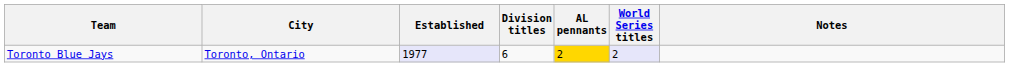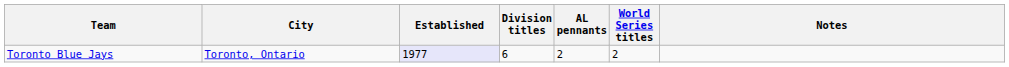 <table class="wikitable">
 <tr>
 <th width="20%">Team</th>
 <th width="20%">City</th>
 <th width="10%">Established</th>
 <th width="5%">Division titles</th>
 <th width="5%">AL pennants</th>
 <th width="5%"><a href='#'>World Series</a> titles</th>
 <th width="35%">Notes</th>
 </tr>
 <tr>
 <td><a href='#'>Toronto Blue Jays</a></td>
 <td><a href='#'>Toronto, Ontario</a></td>
 <td style="background: lavender;">1977</td>
 <td>6</td>
-<td style="background: gold;">2</td>
-<td style="background: lavender;">2</td>
+<td>2</td>
+<td>2</td>
 </tr>
 </table>
